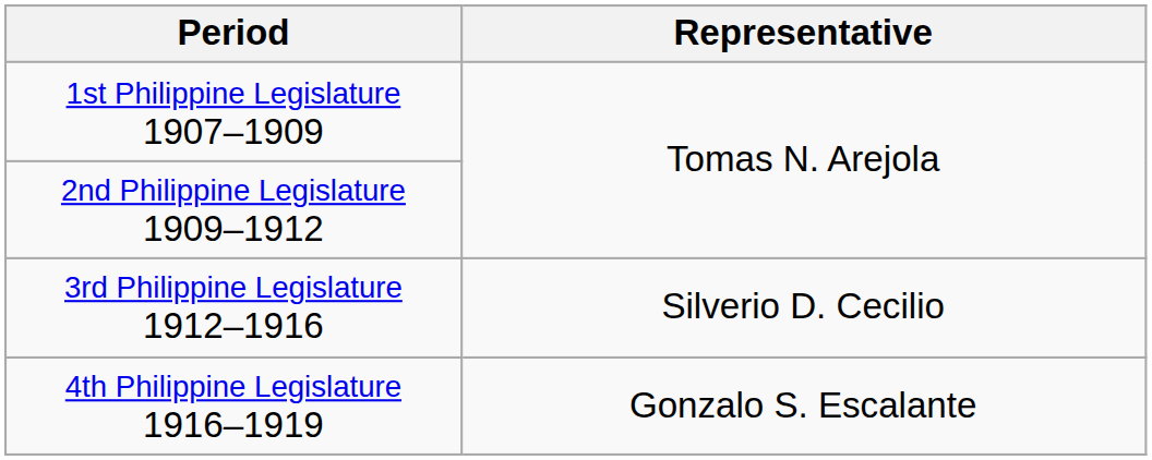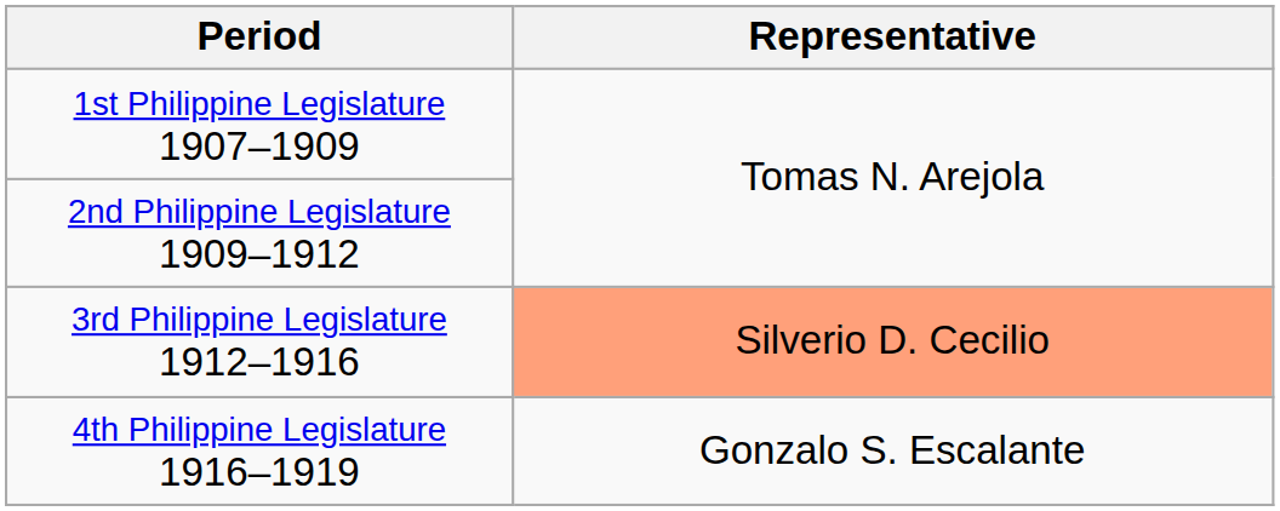 <table class="wikitable" style="text-align:center; width:40%;">
 <tr>
 <th width=40%>Period</th>
 <th>Representative</th>
 </tr>
 <tr>
 <td><small><a href='#'>1st Philippine Legislature</a></small><br>1907–1909</td>
 <td rowspan=2>Tomas N. Arejola</td>
 </tr>
 <tr>
 <td><small><a href='#'>2nd Philippine Legislature</a></small><br>1909–1912</td>
 </tr>
 <tr>
 <td><small><a href='#'>3rd Philippine Legislature</a></small><br>1912–1916</td>
-<td>Silverio D. Cecilio</td>
+<td style="background: lightsalmon;">Silverio D. Cecilio</td>
 </tr>
 <tr>
 <td><small><a href='#'>4th Philippine Legislature</a></small><br>1916–1919</td>
 <td>Gonzalo S. Escalante</td>
 </tr>
 </table>
